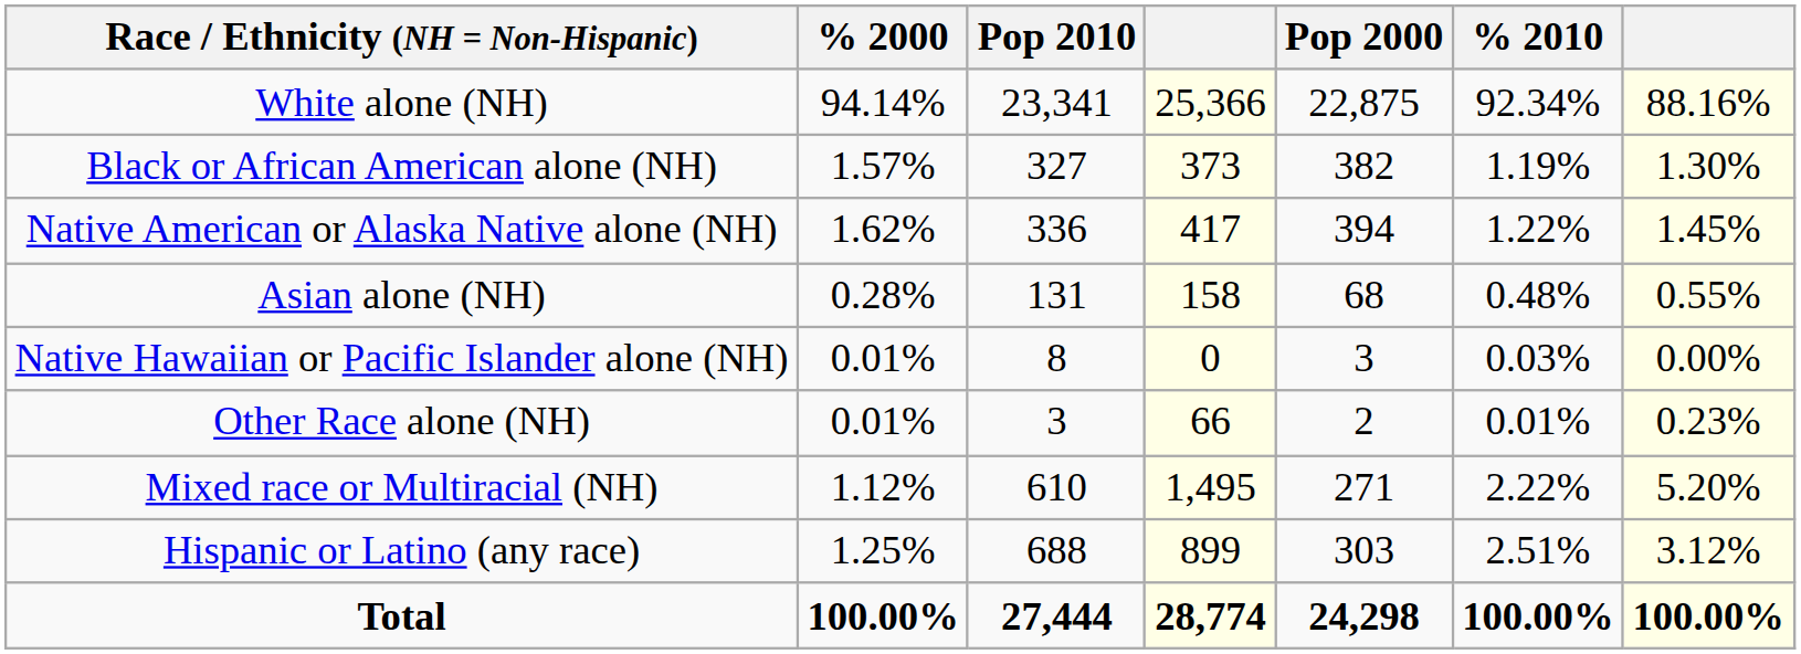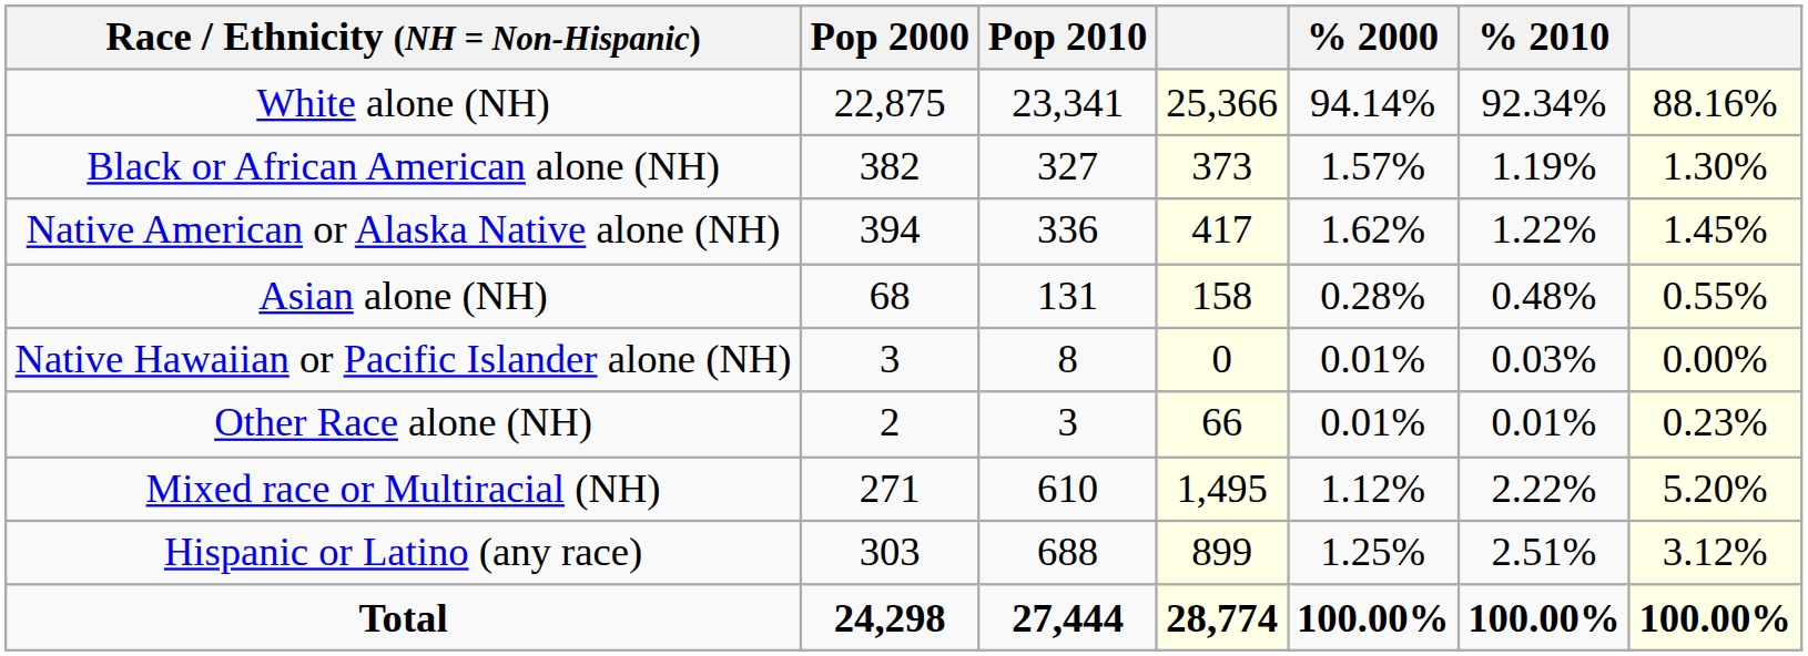 <table class="wikitable" style="text-align:center;">
 <tr>
 <th>Race / Ethnicity <small>(<em>NH = Non-Hispanic</em>)</small></th>
-<th>% 2000</th>
+<th>Pop 2000</th>
 <th>Pop 2010</th>
 <th></th>
-<th>Pop 2000</th>
+<th>% 2000</th>
 <th>% 2010</th>
 <th></th>
 </tr>
 <tr>
 <td><a href='#'>White</a> alone (NH)</td>
-<td>94.14%</td>
+<td>22,875</td>
 <td>23,341</td>
 <td style='background: #ffffe6;'>25,366</td>
-<td>22,875</td>
+<td>94.14%</td>
 <td>92.34%</td>
 <td style='background: #ffffe6;'>88.16%</td>
 </tr>
 <tr>
 <td><a href='#'>Black or African American</a> alone (NH)</td>
-<td>1.57%</td>
+<td>382</td>
 <td>327</td>
 <td style='background: #ffffe6;'>373</td>
-<td>382</td>
+<td>1.57%</td>
 <td>1.19%</td>
 <td style='background: #ffffe6;'>1.30%</td>
 </tr>
 <tr>
 <td><a href='#'>Native American</a> or <a href='#'>Alaska Native</a> alone (NH)</td>
-<td>1.62%</td>
+<td>394</td>
 <td>336</td>
 <td style='background: #ffffe6;'>417</td>
-<td>394</td>
+<td>1.62%</td>
 <td>1.22%</td>
 <td style='background: #ffffe6;'>1.45%</td>
 </tr>
 <tr>
 <td><a href='#'>Asian</a> alone (NH)</td>
-<td>0.28%</td>
+<td>68</td>
 <td>131</td>
 <td style='background: #ffffe6;'>158</td>
-<td>68</td>
+<td>0.28%</td>
 <td>0.48%</td>
 <td style='background: #ffffe6;'>0.55%</td>
 </tr>
 <tr>
 <td><a href='#'>Native Hawaiian</a> or <a href='#'>Pacific Islander</a> alone (NH)</td>
-<td>0.01%</td>
+<td>3</td>
 <td>8</td>
 <td style='background: #ffffe6;'>0</td>
-<td>3</td>
+<td>0.01%</td>
 <td>0.03%</td>
 <td style='background: #ffffe6;'>0.00%</td>
 </tr>
 <tr>
 <td><a href='#'>Other Race</a> alone (NH)</td>
-<td>0.01%</td>
+<td>2</td>
 <td>3</td>
 <td style='background: #ffffe6;'>66</td>
-<td>2</td>
+<td>0.01%</td>
 <td>0.01%</td>
 <td style='background: #ffffe6;'>0.23%</td>
 </tr>
 <tr>
 <td><a href='#'>Mixed race or Multiracial</a> (NH)</td>
-<td>1.12%</td>
+<td>271</td>
 <td>610</td>
 <td style='background: #ffffe6;'>1,495</td>
-<td>271</td>
+<td>1.12%</td>
 <td>2.22%</td>
 <td style='background: #ffffe6;'>5.20%</td>
 </tr>
 <tr>
 <td><a href='#'>Hispanic or Latino</a> (any race)</td>
-<td>1.25%</td>
+<td>303</td>
 <td>688</td>
 <td style='background: #ffffe6;'>899</td>
-<td>303</td>
+<td>1.25%</td>
 <td>2.51%</td>
 <td style='background: #ffffe6;'>3.12%</td>
 </tr>
 <tr>
 <td><strong>Total</strong></td>
-<td><strong>100.00%</strong></td>
+<td><strong>24,298</strong></td>
 <td><strong>27,444</strong></td>
 <td style='background: #ffffe6;'><strong>28,774</strong></td>
-<td><strong>24,298</strong></td>
+<td><strong>100.00%</strong></td>
 <td><strong>100.00%</strong></td>
 <td style='background: #ffffe6;'><strong>100.00%</strong></td>
 </tr>
 </table>
